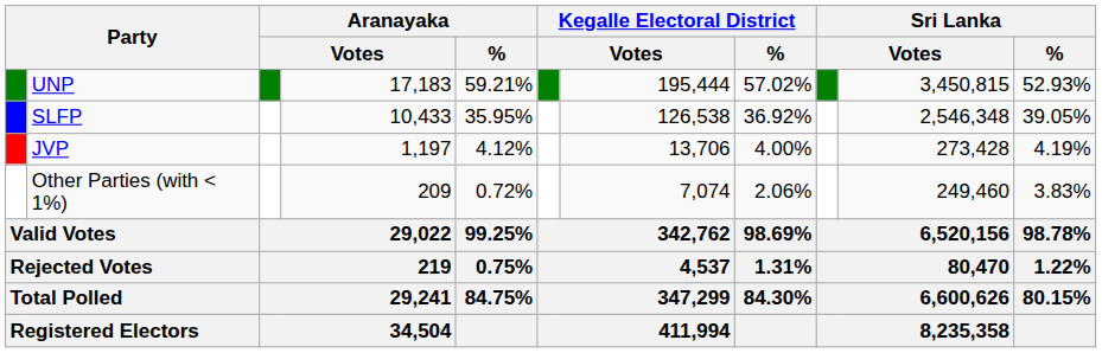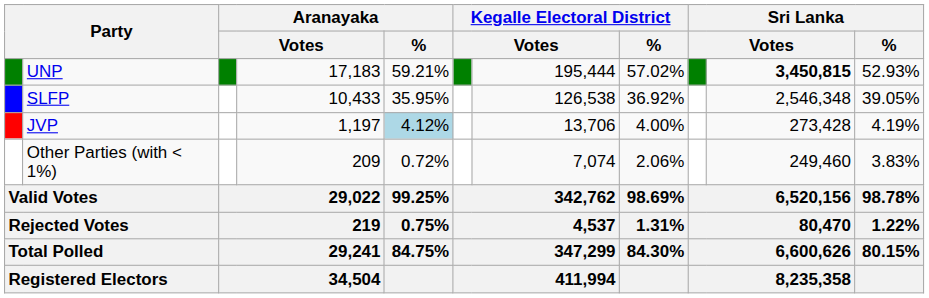 <table class="wikitable">
 <tr>
 <th colspan="2" width="144px"rowspan="2">Party</th>
 <th colspan="3" width="216px">Aranayaka</th>
 <th colspan="3" width="216px"><a href='#'>Kegalle Electoral District</a></th>
 <th colspan="3" width="216px">Sri Lanka</th>
 </tr>
 <tr>
 <th colspan="2" width="144px">Votes</th>
 <th>%</th>
 <th colspan="2" width="144px">Votes</th>
 <th>%</th>
 <th colspan="2" width="144px">Votes</th>
 <th>%</th>
 </tr>
 <tr>
 <td style="background-color:green;" width="10px"></td>
 <td style="text-align:left;"><a href='#'>UNP</a></td>
 <td style="background-color:green;" width="10px"></td>
 <td style="text-align:right;">17,183</td>
 <td style="text-align:right;">59.21%</td>
 <td style="background-color:green;" width="10px"></td>
 <td style="text-align:right;">195,444</td>
 <td style="text-align:right;">57.02%</td>
 <td style="background-color:green;" width="10px"></td>
-<td style="text-align:right;">3,450,815</td>
+<td style="text-align:right;"><strong>3,450,815</strong></td>
 <td style="text-align:right;">52.93%</td>
 </tr>
 <tr>
 <td style="background-color:blue;" width="10px"></td>
 <td style="text-align:left;"><a href='#'>SLFP</a></td>
 <td style="background-color:white;" width="10px"></td>
 <td style="text-align:right;">10,433</td>
 <td style="text-align:right;">35.95%</td>
 <td style="background-color:white;" width="10px"></td>
 <td style="text-align:right;">126,538</td>
 <td style="text-align:right;">36.92%</td>
 <td style="background-color:white;" width="10px"></td>
 <td style="text-align:right;">2,546,348</td>
 <td style="text-align:right;">39.05%</td>
 </tr>
 <tr>
 <td style="background-color:red;" width="10px"></td>
 <td style="text-align:left;"><a href='#'>JVP</a></td>
 <td style="background-color:white;" width="10px"></td>
 <td style="text-align:right;">1,197</td>
-<td style="text-align:right;">4.12%</td>
+<td style="background: lightblue; text-align:right;">4.12%</td>
 <td style="background-color:white;" width="10px"></td>
 <td style="text-align:right;">13,706</td>
 <td style="text-align:right;">4.00%</td>
 <td style="background-color:white;" width="10px"></td>
 <td style="text-align:right;">273,428</td>
 <td style="text-align:right;">4.19%</td>
 </tr>
 <tr>
 <td style="background-color:white;" width="10px"></td>
 <td style="text-align:left;">Other Parties (with < 1%)</td>
 <td style="background-color:white;" width="10px"></td>
 <td style="text-align:right;">209</td>
 <td style="text-align:right;">0.72%</td>
 <td style="background-color:white;" width="10px"></td>
 <td style="text-align:right;">7,074</td>
 <td style="text-align:right;">2.06%</td>
 <td style="background-color:white;" width="10px"></td>
 <td style="text-align:right;">249,460</td>
 <td style="text-align:right;">3.83%</td>
 </tr>
 <tr>
 <th colspan="2" width="144px"style="text-align:left;">Valid Votes</th>
 <th style="text-align:right;"colspan="2" width="144px">29,022</th>
 <th style="text-align:right;">99.25%</th>
 <th style="text-align:right;"colspan="2" width="144px">342,762</th>
 <th style="text-align:right;">98.69%</th>
 <th style="text-align:right;"colspan="2" width="144px">6,520,156</th>
 <th style="text-align:right;">98.78%</th>
 </tr>
 <tr>
 <th colspan="2" width="144px"style="text-align:left;">Rejected Votes</th>
 <th style="text-align:right;"colspan="2" width="144px">219</th>
 <th style="text-align:right;">0.75%</th>
 <th style="text-align:right;"colspan="2" width="144px">4,537</th>
 <th style="text-align:right;">1.31%</th>
 <th style="text-align:right;"colspan="2" width="144px">80,470</th>
 <th style="text-align:right;">1.22%</th>
 </tr>
 <tr>
 <th colspan="2" width="144px"style="text-align:left;">Total Polled</th>
 <th style="text-align:right;"colspan="2" width="144px">29,241</th>
 <th style="text-align:right;">84.75%</th>
 <th style="text-align:right;"colspan="2" width="144px">347,299</th>
 <th style="text-align:right;">84.30%</th>
 <th style="text-align:right;"colspan="2" width="144px">6,600,626</th>
 <th style="text-align:right;">80.15%</th>
 </tr>
 <tr>
 <th colspan="2" width="144px"style="text-align:left;">Registered Electors</th>
 <th style="text-align:right;"colspan="2" width="144px">34,504</th>
 <th></th>
 <th style="text-align:right;"colspan="2" width="144px">411,994</th>
 <th></th>
 <th style="text-align:right;"colspan="2" width="144px">8,235,358</th>
 <th></th>
 </tr>
 </table>
